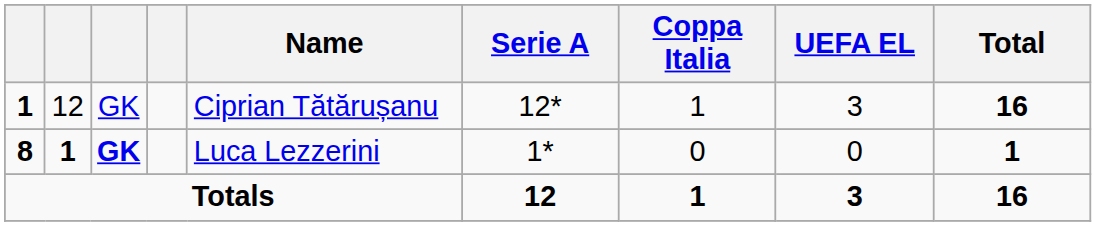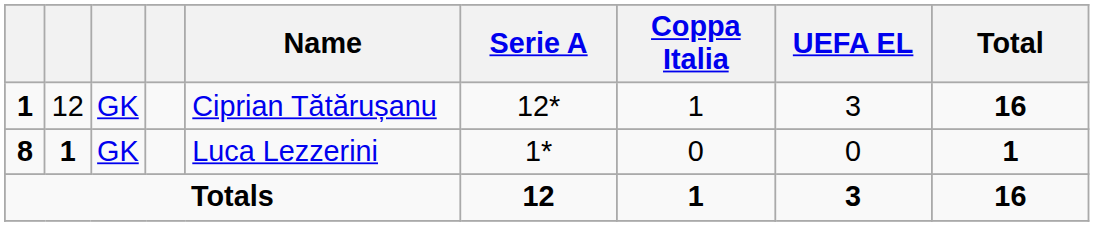 <table class="wikitable" style="text-align:center">
 <tr>
 <th width=15></th>
 <th width=15></th>
 <th width=15></th>
 <th width=15></th>
 <th width=145>Name</th>
 <th width=80><a href='#'>Serie A</a></th>
 <th width=80><a href='#'>Coppa Italia</a></th>
 <th width=80><a href='#'>UEFA EL</a></th>
 <th width=80>Total</th>
 </tr>
 <tr>
 <td><strong>1</strong></td>
 <td>12</td>
 <td><a href='#'>GK</a></td>
 <td></td>
 <td align=left><a href='#'>Ciprian Tătărușanu</a></td>
 <td>12*</td>
 <td>1</td>
 <td>3</td>
 <td><strong>16</strong></td>
 </tr>
 <tr>
 <td><strong>8</strong></td>
 <td><strong>1</strong></td>
-<td><strong><a href='#'>GK</a></strong></td>
+<td><a href='#'>GK</a></td>
 <td></td>
 <td align=left><a href='#'>Luca Lezzerini</a></td>
 <td>1*</td>
 <td>0</td>
 <td>0</td>
 <td><strong>1</strong></td>
 </tr>
 <tr>
 <td colspan=5><strong>Totals</strong></td>
 <td><strong>12</strong></td>
 <td><strong>1</strong></td>
 <td><strong>3</strong></td>
 <td><strong>16</strong></td>
 </tr>
 </table>
